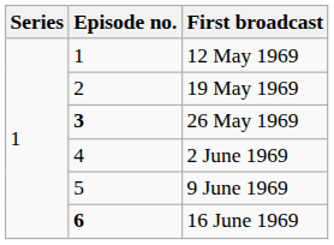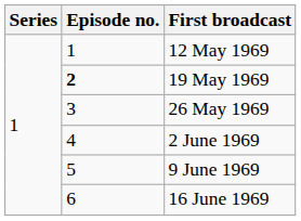 <table class="wikitable">
 <tr>
 <th>Series</th>
 <th>Episode no.</th>
 <th>First broadcast </th>
 </tr>
 <tr>
 <td rowspan="6">1</td>
 <td>1</td>
 <td>12 May 1969</td>
 </tr>
 <tr>
-<td>2</td>
+<td><strong>2</strong></td>
 <td>19 May 1969</td>
 </tr>
 <tr>
-<td><strong>3</strong></td>
+<td>3</td>
 <td>26 May 1969</td>
 </tr>
 <tr>
 <td>4</td>
 <td>2 June 1969</td>
 </tr>
 <tr>
 <td>5</td>
 <td>9 June 1969</td>
 </tr>
 <tr>
-<td><strong>6</strong></td>
+<td>6</td>
 <td>16 June 1969</td>
 </tr>
 </table>
